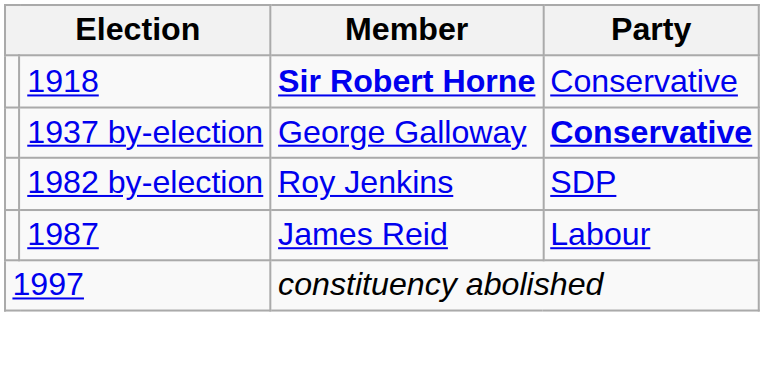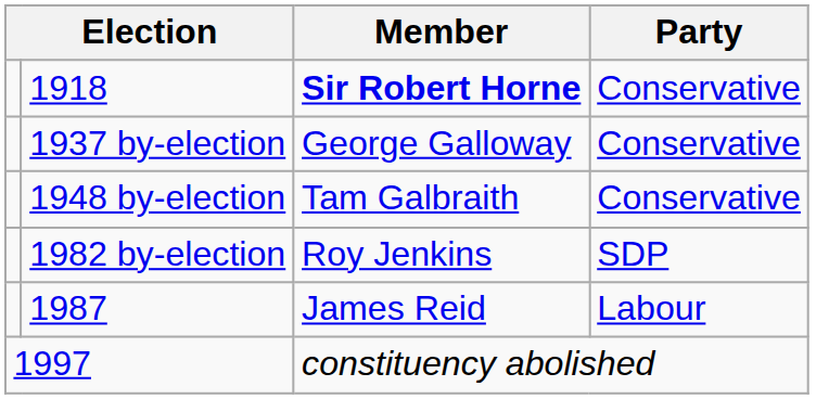 <table class="wikitable">
 <tr>
 <th colspan="2">Election</th>
 <th>Member</th>
 <th>Party</th>
 </tr>
 <tr>
 <td style="color:inherit;background-color: "></td>
 <td><a href='#'>1918</a></td>
 <td><strong><a href='#'>Sir Robert Horne</a></strong></td>
 <td><a href='#'>Conservative</a></td>
 </tr>
 <tr>
 <td style="color:inherit;background-color: "></td>
 <td><a href='#'>1937 by-election</a></td>
 <td><a href='#'>George Galloway</a></td>
-<td><strong><a href='#'>Conservative</a></strong></td>
+<td><a href='#'>Conservative</a></td>
+</tr>
+<tr>
+<td style="color:inherit;background-color: "></td>
+<td><a href='#'>1948 by-election</a></td>
+<td><a href='#'>Tam Galbraith</a></td>
+<td><a href='#'>Conservative</a></td>
 </tr>
 <tr>
 <td style="color:inherit;background-color: "></td>
 <td><a href='#'>1982 by-election</a></td>
 <td><a href='#'>Roy Jenkins</a></td>
 <td><a href='#'>SDP</a></td>
 </tr>
 <tr>
 <td style="color:inherit;background-color: "></td>
 <td><a href='#'>1987</a></td>
 <td><a href='#'>James Reid</a></td>
 <td><a href='#'>Labour</a></td>
 </tr>
 <tr>
 <td colspan="2" align="centre"><a href='#'>1997</a></td>
 <td colspan="2"><em>constituency abolished</em></td>
 </tr>
 </table>
